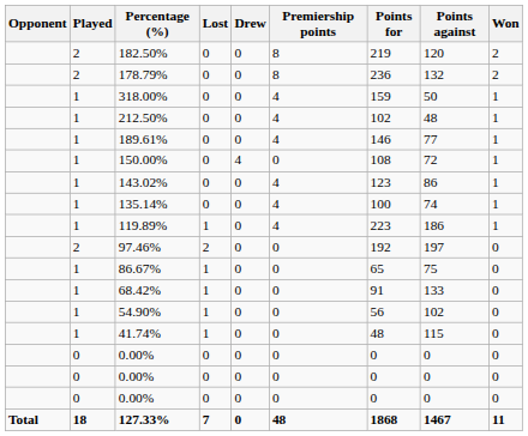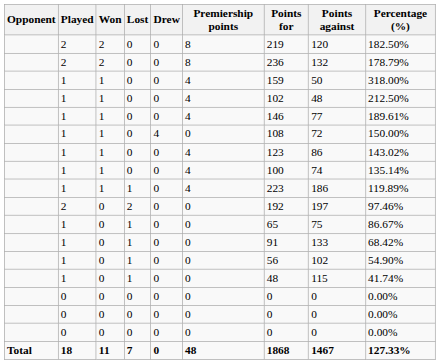 <table class="wikitable">
 <tr>
 <th>Opponent</th>
 <th>Played</th>
-<th>Percentage (%)</th>
+<th>Won</th>
 <th>Lost</th>
 <th>Drew</th>
 <th>Premiership points</th>
 <th>Points for</th>
 <th>Points against</th>
-<th>Won</th>
+<th>Percentage (%)</th>
 </tr>
 <tr>
 <td></td>
 <td>2</td>
-<td>182.50%</td>
+<td>2</td>
 <td>0</td>
 <td>0</td>
 <td>8</td>
 <td>219</td>
 <td>120</td>
-<td>2</td>
+<td>182.50%</td>
 </tr>
 <tr>
 <td></td>
 <td>2</td>
-<td>178.79%</td>
+<td>2</td>
 <td>0</td>
 <td>0</td>
 <td>8</td>
 <td>236</td>
 <td>132</td>
-<td>2</td>
+<td>178.79%</td>
 </tr>
 <tr>
 <td></td>
 <td>1</td>
-<td>318.00%</td>
+<td>1</td>
 <td>0</td>
 <td>0</td>
 <td>4</td>
 <td>159</td>
 <td>50</td>
-<td>1</td>
+<td>318.00%</td>
 </tr>
 <tr>
 <td></td>
 <td>1</td>
-<td>212.50%</td>
+<td>1</td>
 <td>0</td>
 <td>0</td>
 <td>4</td>
 <td>102</td>
 <td>48</td>
-<td>1</td>
+<td>212.50%</td>
 </tr>
 <tr>
 <td></td>
 <td>1</td>
-<td>189.61%</td>
+<td>1</td>
 <td>0</td>
 <td>0</td>
 <td>4</td>
 <td>146</td>
 <td>77</td>
-<td>1</td>
+<td>189.61%</td>
 </tr>
 <tr>
 <td></td>
 <td>1</td>
-<td>150.00%</td>
+<td>1</td>
 <td>0</td>
 <td>4</td>
 <td>0</td>
 <td>108</td>
 <td>72</td>
-<td>1</td>
+<td>150.00%</td>
 </tr>
 <tr>
 <td></td>
 <td>1</td>
-<td>143.02%</td>
+<td>1</td>
 <td>0</td>
 <td>0</td>
 <td>4</td>
 <td>123</td>
 <td>86</td>
-<td>1</td>
+<td>143.02%</td>
 </tr>
 <tr>
 <td></td>
 <td>1</td>
-<td>135.14%</td>
+<td>1</td>
 <td>0</td>
 <td>0</td>
 <td>4</td>
 <td>100</td>
 <td>74</td>
-<td>1</td>
+<td>135.14%</td>
 </tr>
 <tr>
 <td></td>
 <td>1</td>
-<td>119.89%</td>
+<td>1</td>
 <td>1</td>
 <td>0</td>
 <td>4</td>
 <td>223</td>
 <td>186</td>
-<td>1</td>
+<td>119.89%</td>
 </tr>
 <tr>
 <td></td>
 <td>2</td>
-<td>97.46%</td>
+<td>0</td>
 <td>2</td>
 <td>0</td>
 <td>0</td>
 <td>192</td>
 <td>197</td>
-<td>0</td>
+<td>97.46%</td>
 </tr>
 <tr>
 <td></td>
 <td>1</td>
-<td>86.67%</td>
+<td>0</td>
 <td>1</td>
 <td>0</td>
 <td>0</td>
 <td>65</td>
 <td>75</td>
-<td>0</td>
+<td>86.67%</td>
 </tr>
 <tr>
 <td></td>
 <td>1</td>
-<td>68.42%</td>
+<td>0</td>
 <td>1</td>
 <td>0</td>
 <td>0</td>
 <td>91</td>
 <td>133</td>
-<td>0</td>
+<td>68.42%</td>
 </tr>
 <tr>
 <td></td>
 <td>1</td>
-<td>54.90%</td>
+<td>0</td>
 <td>1</td>
 <td>0</td>
 <td>0</td>
 <td>56</td>
 <td>102</td>
-<td>0</td>
+<td>54.90%</td>
 </tr>
 <tr>
 <td></td>
 <td>1</td>
-<td>41.74%</td>
+<td>0</td>
 <td>1</td>
 <td>0</td>
 <td>0</td>
 <td>48</td>
 <td>115</td>
-<td>0</td>
+<td>41.74%</td>
 </tr>
 <tr>
 <td></td>
-<td>0</td>
-<td>0.00%</td>
 <td>0</td>
 <td>0</td>
 <td>0</td>
 <td>0</td>
 <td>0</td>
 <td>0</td>
+<td>0</td>
+<td>0.00%</td>
 </tr>
 <tr>
 <td></td>
-<td>0</td>
-<td>0.00%</td>
 <td>0</td>
 <td>0</td>
 <td>0</td>
 <td>0</td>
 <td>0</td>
 <td>0</td>
+<td>0</td>
+<td>0.00%</td>
 </tr>
 <tr>
 <td></td>
-<td>0</td>
-<td>0.00%</td>
 <td>0</td>
 <td>0</td>
 <td>0</td>
 <td>0</td>
 <td>0</td>
 <td>0</td>
+<td>0</td>
+<td>0.00%</td>
 </tr>
 <tr>
 <td><strong>Total</strong></td>
 <td><strong>18</strong></td>
-<td><strong>127.33%</strong></td>
+<td><strong>11</strong></td>
 <td><strong>7</strong></td>
 <td><strong>0</strong></td>
 <td><strong>48</strong></td>
 <td><strong>1868</strong></td>
 <td><strong>1467</strong></td>
-<td><strong>11</strong></td>
+<td><strong>127.33%</strong></td>
 </tr>
 </table>
